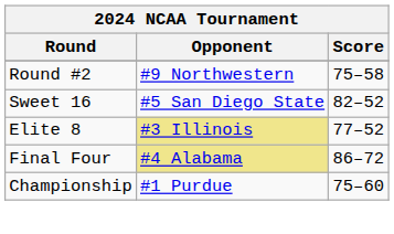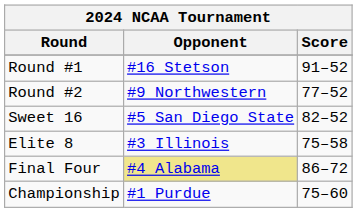 <table class="wikitable"  align="left">
 <tr>
 <th colspan="3">2024 NCAA Tournament</th>
 </tr>
 <tr>
 <th colspan="1">Round</th>
 <th colspan="1">Opponent</th>
 <th colspan="1">Score</th>
 </tr>
 <tr>
 </tr>
 <tr>
+<td>Round #1</td>
+<td><a href='#'>#16 Stetson</a></td>
+<td>91–52</td>
+</tr>
+<tr>
 <td>Round #2</td>
 <td><a href='#'>#9 Northwestern</a></td>
-<td>75–58</td>
+<td>77–52</td>
 </tr>
 <tr>
 <td>Sweet 16</td>
 <td><a href='#'>#5 San Diego State</a></td>
 <td>82–52</td>
 </tr>
 <tr>
 <td>Elite 8</td>
-<td style="background: khaki;"><a href='#'>#3 Illinois</a></td>
-<td>77–52</td>
+<td><a href='#'>#3 Illinois</a></td>
+<td>75–58</td>
 </tr>
 <tr>
 <td>Final Four</td>
 <td style="background: khaki;"><a href='#'>#4 Alabama</a></td>
 <td>86–72</td>
 </tr>
 <tr>
 <td>Championship</td>
 <td><a href='#'>#1 Purdue</a></td>
 <td>75–60</td>
 </tr>
 </table>
